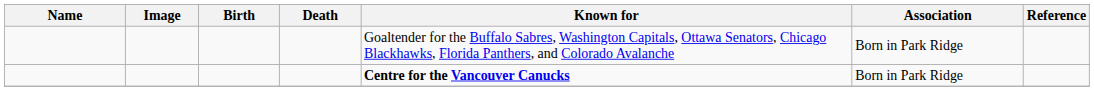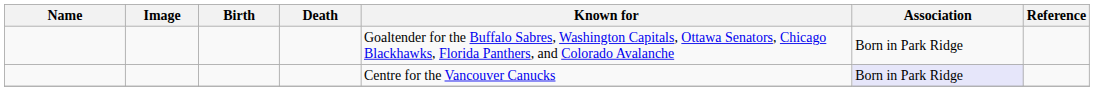 <table class="wikitable sortable">
 <tr>
 <th scope="col" width="140">Name</th>
 <th scope="col" width="80" class="unsortable">Image</th>
 <th scope="col" width="90">Birth</th>
 <th scope="col" width="90">Death</th>
 <th scope="col" width="600" class="unsortable">Known for</th>
 <th scope="col" width="200" class="unsortable">Association</th>
 <th scope="col" width="30" class="unsortable">Reference</th>
 </tr>
 <tr>
 <td></td>
 <td></td>
 <td align=right></td>
 <td></td>
 <td>Goaltender for the <a href='#'>Buffalo Sabres</a>, <a href='#'>Washington Capitals</a>, <a href='#'>Ottawa Senators</a>, <a href='#'>Chicago Blackhawks</a>, <a href='#'>Florida Panthers</a>, and <a href='#'>Colorado Avalanche</a></td>
 <td>Born in Park Ridge</td>
 <td align="center"></td>
 </tr>
 <tr>
 <td></td>
 <td></td>
 <td align=right></td>
 <td></td>
-<td><strong>Centre for the <a href='#'>Vancouver Canucks</a></strong></td>
-<td>Born in Park Ridge</td>
+<td>Centre for the <a href='#'>Vancouver Canucks</a></td>
+<td style="background: lavender;">Born in Park Ridge</td>
 <td align="center"></td>
 </tr>
 <tr>
 </tr>
 </table>
